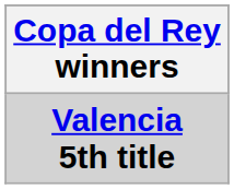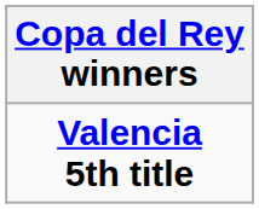 <table class="wikitable" style="text-align: center; margin: 0 auto;">
 <tr>
 <th><a href='#'>Copa del Rey</a><br>winners</th>
 </tr>
 <tr>
-<td style="background: lightgrey;"><strong><a href='#'>Valencia</a></strong><br><strong>5th title</strong></td>
+<td><strong><a href='#'>Valencia</a></strong><br><strong>5th title</strong></td>
 </tr>
 </table>
